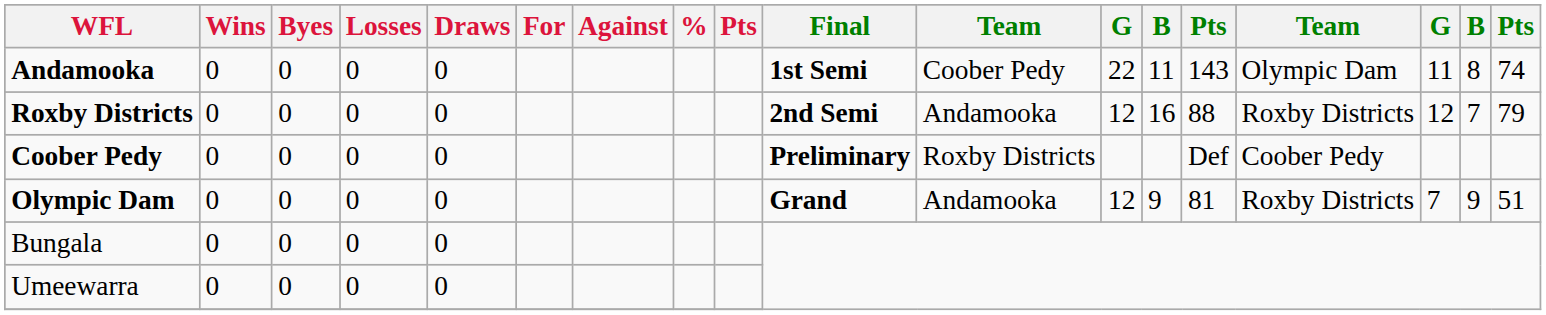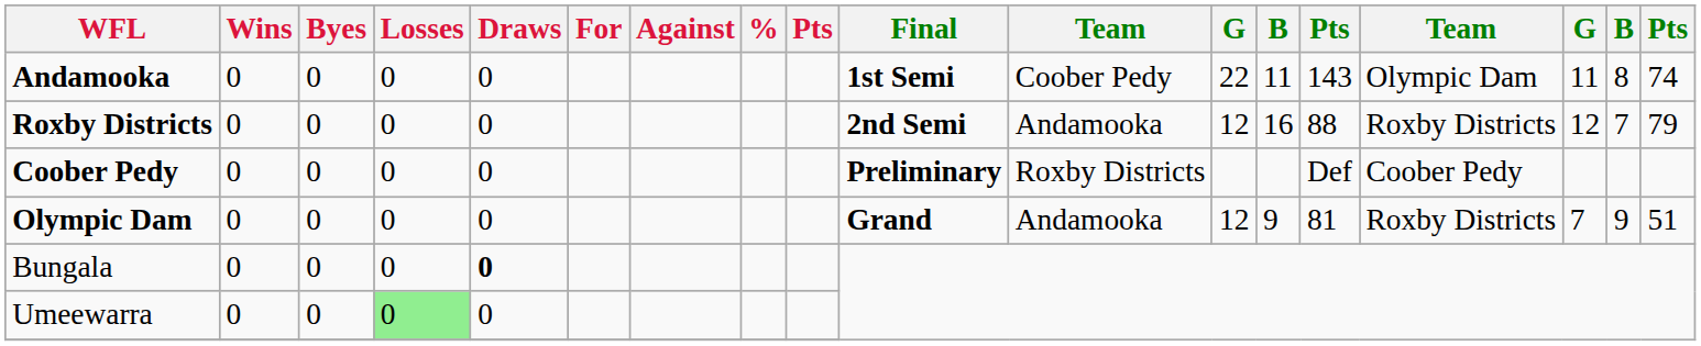 <table class="wikitable">
 <tr>
 <th style="color:crimson">WFL</th>
 <th style="color:crimson">Wins</th>
 <th style="color:crimson">Byes</th>
 <th style="color:crimson">Losses</th>
 <th style="color:crimson">Draws</th>
 <th style="color:crimson">For</th>
 <th style="color:crimson">Against</th>
 <th style="color:crimson">%</th>
 <th style="color:crimson">Pts</th>
 <th style="color:green">Final</th>
 <th style="color:green">Team</th>
 <th style="color:green">G</th>
 <th style="color:green">B</th>
 <th style="color:green">Pts</th>
 <th style="color:green">Team</th>
 <th style="color:green">G</th>
 <th style="color:green">B</th>
 <th style="color:green">Pts</th>
 </tr>
 <tr>
 <td><strong>	Andamooka	</strong></td>
 <td>0</td>
 <td>0</td>
 <td>0</td>
 <td>0</td>
 <td></td>
 <td></td>
 <td></td>
 <td></td>
 <td><strong>1st Semi</strong></td>
 <td>Coober Pedy</td>
 <td>22</td>
 <td>11</td>
 <td>143</td>
 <td>Olympic Dam</td>
 <td>11</td>
 <td>8</td>
 <td>74</td>
 </tr>
 <tr>
 <td><strong>	Roxby Districts	</strong></td>
 <td>0</td>
 <td>0</td>
 <td>0</td>
 <td>0</td>
 <td></td>
 <td></td>
 <td></td>
 <td></td>
 <td><strong>2nd Semi</strong></td>
 <td>Andamooka</td>
 <td>12</td>
 <td>16</td>
 <td>88</td>
 <td>Roxby Districts</td>
 <td>12</td>
 <td>7</td>
 <td>79</td>
 </tr>
 <tr>
 <td><strong>	Coober Pedy	</strong></td>
 <td>0</td>
 <td>0</td>
 <td>0</td>
 <td>0</td>
 <td></td>
 <td></td>
 <td></td>
 <td></td>
 <td><strong>Preliminary</strong></td>
 <td>Roxby Districts</td>
 <td></td>
 <td></td>
 <td>Def</td>
 <td>Coober Pedy</td>
 <td></td>
 <td></td>
 <td></td>
 </tr>
 <tr>
 <td><strong>	Olympic Dam	</strong></td>
 <td>0</td>
 <td>0</td>
 <td>0</td>
 <td>0</td>
 <td></td>
 <td></td>
 <td></td>
 <td></td>
 <td><strong>Grand</strong></td>
 <td>Andamooka</td>
 <td>12</td>
 <td>9</td>
 <td>81</td>
 <td>Roxby Districts</td>
 <td>7</td>
 <td>9</td>
 <td>51</td>
 </tr>
 <tr>
 <td>Bungala</td>
 <td>0</td>
 <td>0</td>
 <td>0</td>
-<td>0</td>
+<td><strong>0</strong></td>
 <td></td>
 <td></td>
 <td></td>
 <td></td>
 </tr>
 <tr>
 <td>Umeewarra</td>
 <td>0</td>
 <td>0</td>
-<td>0</td>
+<td style="background: lightgreen;">0</td>
 <td>0</td>
 <td></td>
 <td></td>
 <td></td>
 <td></td>
 </tr>
 <tr>
 </tr>
 </table>
